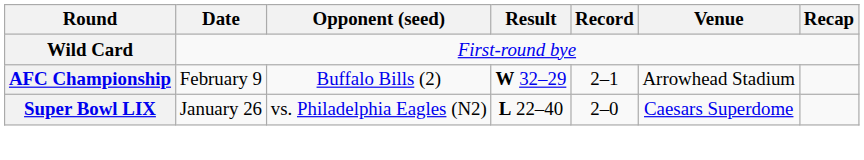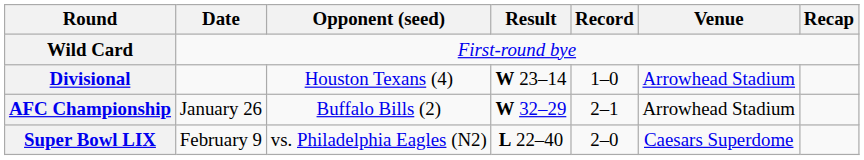 <table class="wikitable" style="text-align:center">
 <tr>
 <th>Round</th>
 <th>Date</th>
 <th>Opponent (seed)</th>
 <th>Result</th>
 <th>Record</th>
 <th>Venue</th>
 <th>Recap</th>
 </tr>
 <tr>
 <th>Wild Card</th>
 <td colspan="6"><em><a href='#'>First-round bye</a></em></td>
 </tr>
 <tr>
+<th><a href='#'>Divisional</a></th>
+<td></td>
+<td><a href='#'>Houston Texans</a> (4)</td>
+<td><strong>W</strong> 23–14</td>
+<td>1–0</td>
+<td><a href='#'>Arrowhead Stadium</a></td>
+<td></td>
+</tr>
+<tr>
 <th><a href='#'>AFC Championship</a></th>
-<td>February 9</td>
+<td>January 26</td>
 <td><a href='#'>Buffalo Bills</a> (2)</td>
 <td><strong>W</strong> <a href='#'>32–29</a></td>
 <td>2–1</td>
 <td>Arrowhead Stadium</td>
 <td></td>
 </tr>
 <tr>
 <th><a href='#'>Super Bowl LIX</a></th>
-<td>January 26</td>
+<td>February 9</td>
 <td>vs. <a href='#'>Philadelphia Eagles</a> (N2)</td>
 <td><strong>L</strong> 22–40</td>
 <td>2–0</td>
 <td><a href='#'>Caesars Superdome</a></td>
 <td></td>
 </tr>
 </table>
